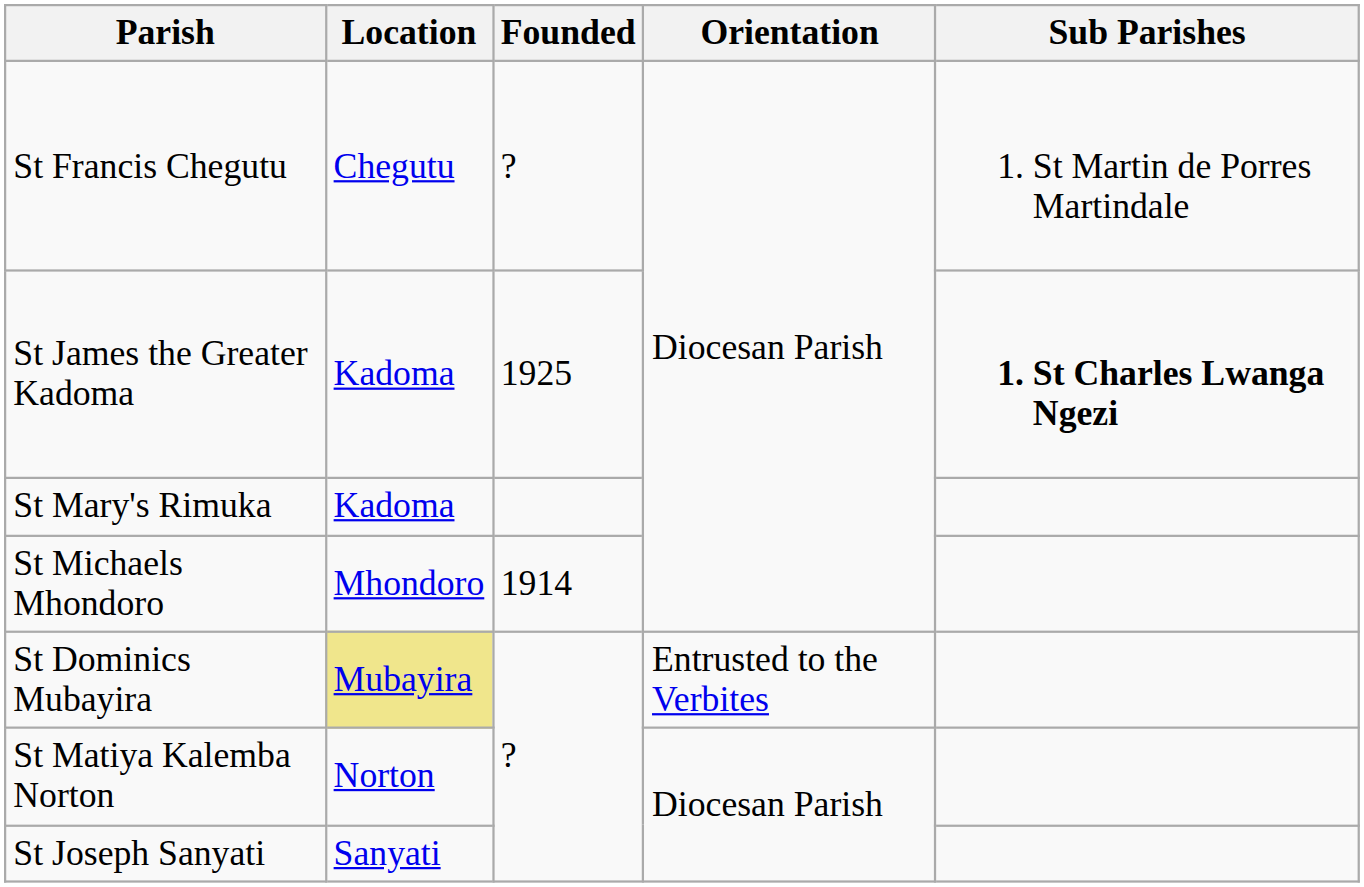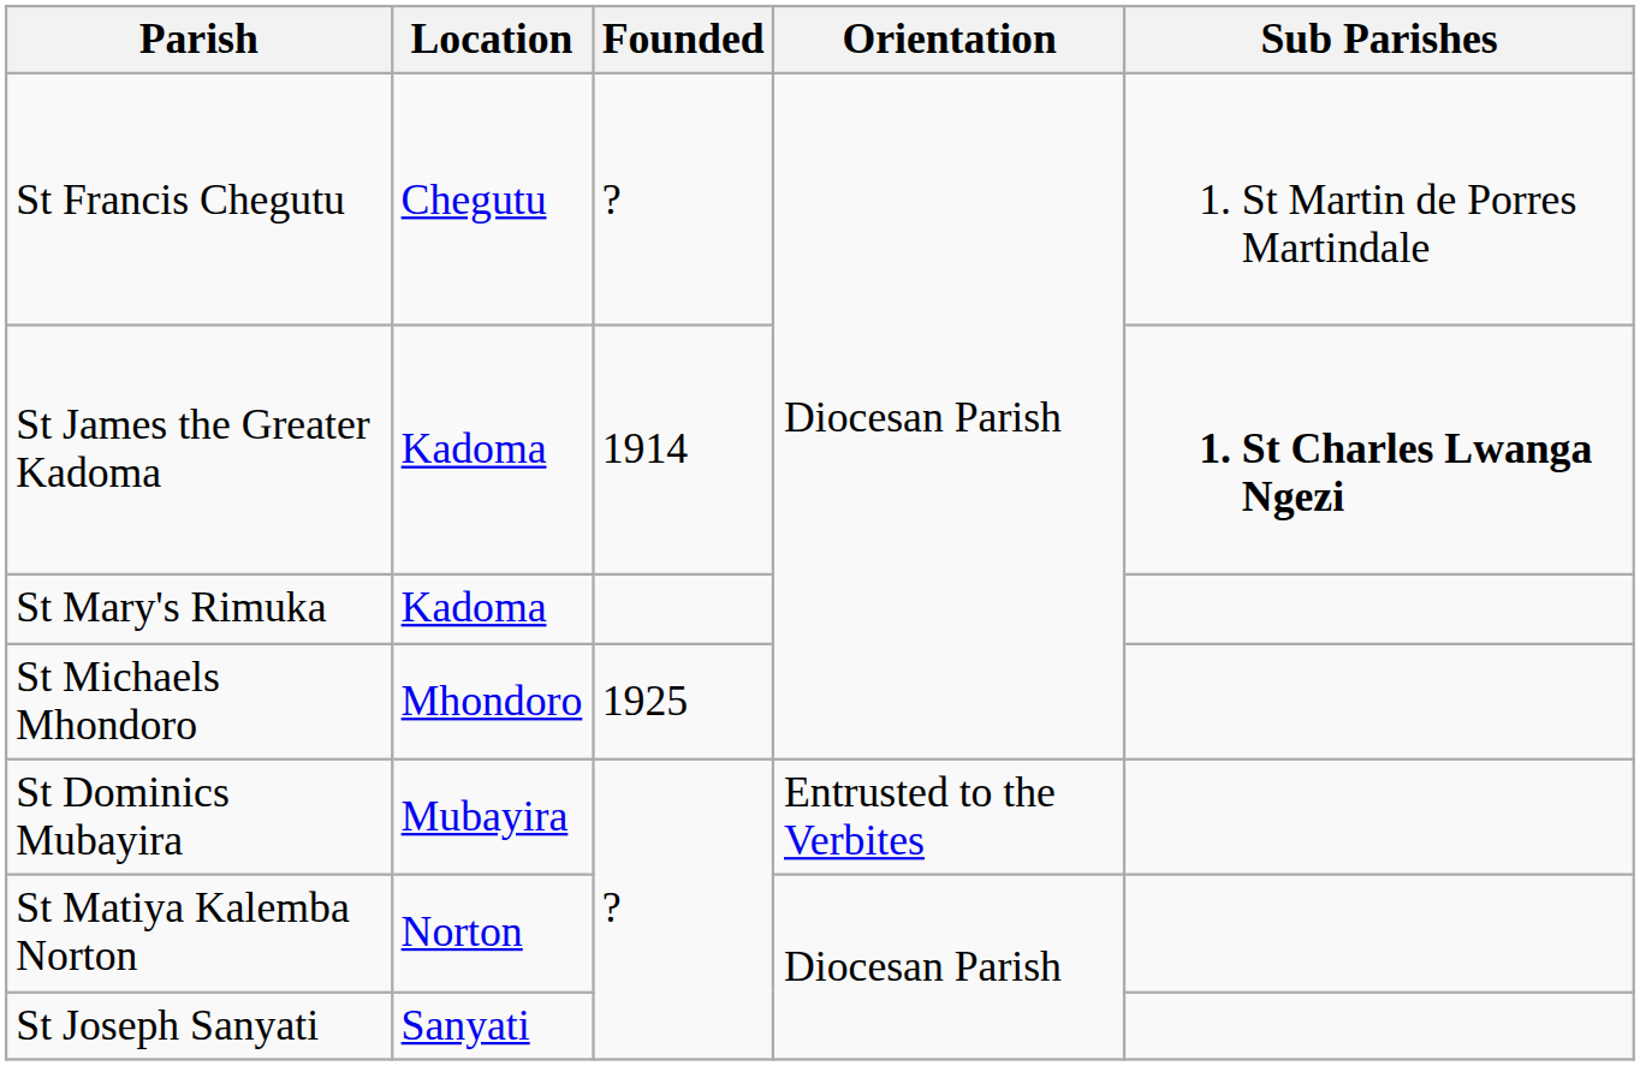 <table class="wikitable sortable">
 <tr>
 <th>Parish</th>
 <th>Location</th>
 <th>Founded</th>
 <th>Orientation</th>
 <th>Sub Parishes</th>
 </tr>
 <tr>
 <td>St Francis Chegutu</td>
 <td><a href='#'>Chegutu</a></td>
 <td>?</td>
 <td rowspan="4">Diocesan Parish</td>
 <td><br><ol><li>St Martin de Porres Martindale</li></ol></td>
 </tr>
 <tr>
 <td>St James the Greater Kadoma</td>
 <td><a href='#'>Kadoma</a></td>
-<td>1925</td>
+<td>1914</td>
 <td><strong><br><ol><li>St Charles Lwanga Ngezi</li></ol></strong></td>
 </tr>
 <tr>
 <td>St Mary's Rimuka</td>
 <td><a href='#'>Kadoma</a></td>
 <td></td>
 <td></td>
 </tr>
 <tr>
 <td>St Michaels Mhondoro</td>
 <td><a href='#'>Mhondoro</a></td>
-<td>1914</td>
+<td>1925</td>
 <td></td>
 </tr>
 <tr>
 <td>St Dominics Mubayira</td>
-<td style="background: khaki;"><a href='#'>Mubayira</a></td>
+<td><a href='#'>Mubayira</a></td>
 <td rowspan="3">?</td>
 <td>Entrusted to the <a href='#'>Verbites</a></td>
 <td></td>
 </tr>
 <tr>
 <td>St Matiya Kalemba Norton</td>
 <td><a href='#'>Norton</a></td>
 <td rowspan="2">Diocesan Parish</td>
 <td></td>
 </tr>
 <tr>
 <td>St Joseph Sanyati</td>
 <td><a href='#'>Sanyati</a></td>
 <td></td>
 </tr>
 </table>
